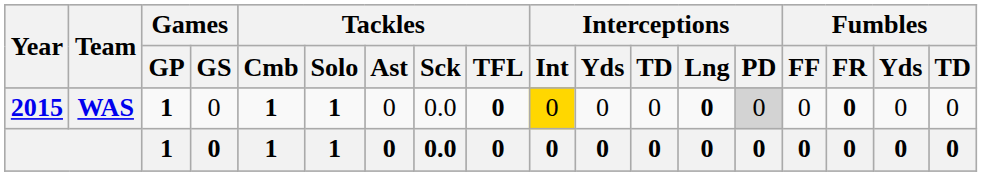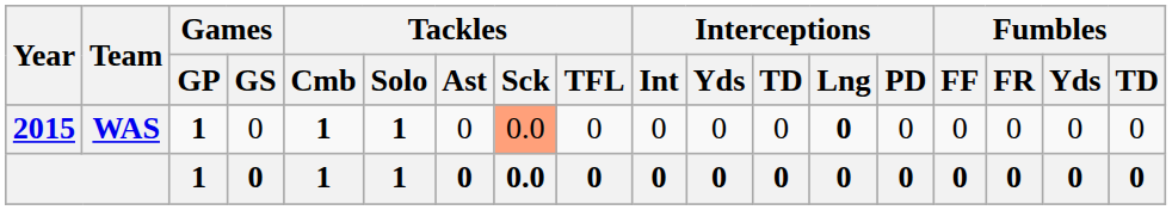 <table class="wikitable" style="text-align:center">
 <tr>
 <th rowspan="2">Year</th>
 <th rowspan="2">Team</th>
 <th colspan="2">Games</th>
 <th colspan="5">Tackles</th>
 <th colspan="5">Interceptions</th>
 <th colspan="4">Fumbles</th>
 </tr>
 <tr>
 <th>GP</th>
 <th>GS</th>
 <th>Cmb</th>
 <th>Solo</th>
 <th>Ast</th>
 <th>Sck</th>
 <th>TFL</th>
 <th>Int</th>
 <th>Yds</th>
 <th>TD</th>
 <th>Lng</th>
 <th>PD</th>
 <th>FF</th>
 <th>FR</th>
 <th>Yds</th>
 <th>TD</th>
 </tr>
 <tr>
 <th><a href='#'>2015</a></th>
 <th><a href='#'>WAS</a></th>
 <td><strong>1</strong></td>
 <td>0</td>
 <td><strong>1</strong></td>
 <td><strong>1</strong></td>
 <td>0</td>
-<td>0.0</td>
-<td><strong>0</strong></td>
-<td style="background: gold;">0</td>
+<td style="background: lightsalmon;">0.0</td>
+<td>0</td>
+<td>0</td>
 <td>0</td>
 <td>0</td>
 <td><strong>0</strong></td>
-<td style="background: lightgrey;">0</td>
 <td>0</td>
-<td><strong>0</strong></td>
+<td>0</td>
+<td>0</td>
 <td>0</td>
 <td>0</td>
 </tr>
 <tr>
 <th colspan="2"></th>
 <th>1</th>
 <th>0</th>
 <th>1</th>
 <th>1</th>
 <th>0</th>
 <th>0.0</th>
 <th>0</th>
 <th>0</th>
 <th>0</th>
 <th>0</th>
 <th>0</th>
 <th>0</th>
 <th>0</th>
 <th>0</th>
 <th>0</th>
 <th>0</th>
 </tr>
 </table>
